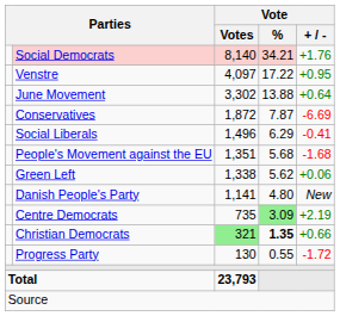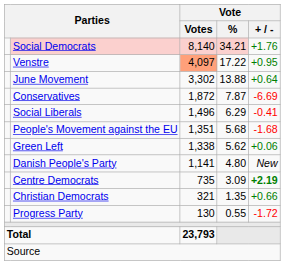 <table class="wikitable" style="text-align:right;">
 <tr>
 <th style="text-align:centre;" rowspan="2" colspan="2" width="225">Parties</th>
 <th colspan="3">Vote</th>
 </tr>
 <tr>
 <th width="15">Votes</th>
 <th width="15">%</th>
 <th width="15">+ / -</th>
 </tr>
 <tr>
 <td width="2" style="color:inherit;background:"></td>
 <td bgcolor=#fbd0ce   align="left"><a href='#'>Social Democrats</a></td>
 <td bgcolor=#fbd0ce>8,140</td>
 <td bgcolor=#fbd0ce>34.21</td>
 <td style=color:green;>+1.76</td>
 </tr>
 <tr>
 <td width="2" style="color:inherit;background:"></td>
 <td align="left"><a href='#'>Venstre</a></td>
-<td>4,097</td>
+<td style="background: lightsalmon;">4,097</td>
 <td>17.22</td>
 <td style=color:green;>+0.95</td>
 </tr>
 <tr>
 <td width="2" style="color:inherit;background:"></td>
 <td align="left"><a href='#'>June Movement</a></td>
 <td>3,302</td>
 <td>13.88</td>
 <td style=color:green;>+0.64</td>
 </tr>
 <tr>
 <td width="2" style="color:inherit;background:"></td>
 <td align="left"><a href='#'>Conservatives</a></td>
 <td>1,872</td>
 <td>7.87</td>
 <td style=color:red;>-6.69</td>
 </tr>
 <tr>
 <td width="2" style="color:inherit;background:"></td>
 <td align="left"><a href='#'>Social Liberals</a></td>
 <td>1,496</td>
 <td>6.29</td>
 <td style=color:red;>-0.41</td>
 </tr>
 <tr>
 <td width="2" style="color:inherit;background:"></td>
 <td align="left"><a href='#'>People's Movement against the EU</a></td>
 <td>1,351</td>
 <td>5.68</td>
 <td style=color:red;>-1.68</td>
 </tr>
 <tr>
 <td width="2" style="color:inherit;background:"></td>
 <td align="left"><a href='#'>Green Left</a></td>
 <td>1,338</td>
 <td>5.62</td>
 <td style=color:green;>+0.06</td>
 </tr>
 <tr>
 <td width="2" style="color:inherit;background:"></td>
 <td align="left"><a href='#'>Danish People's Party</a></td>
 <td>1,141</td>
 <td>4.80</td>
 <td><em>New</em></td>
 </tr>
 <tr>
 <td width="2" style="color:inherit;background:"></td>
 <td align="left"><a href='#'>Centre Democrats</a></td>
 <td>735</td>
-<td style="background: lightgreen;">3.09</td>
-<td style=color:green;>+2.19</td>
+<td>3.09</td>
+<td style=color:green;><strong>+2.19</strong></td>
 </tr>
 <tr>
 <td width="2" style="color:inherit;background:"></td>
 <td align="left"><a href='#'>Christian Democrats</a></td>
-<td style="background: lightgreen;">321</td>
-<td><strong>1.35</strong></td>
+<td>321</td>
+<td>1.35</td>
 <td style=color:green;>+0.66</td>
 </tr>
 <tr>
 <td width="2" style="color:inherit;background:"></td>
 <td align="left"><a href='#'>Progress Party</a></td>
 <td>130</td>
 <td>0.55</td>
 <td style=color:red;>-1.72</td>
 </tr>
 <tr>
 <td colspan="7" bgcolor="#E9E9E9"></td>
 </tr>
 <tr>
 <td align="left" colspan="2"><strong>Total</strong></td>
 <td><strong>23,793</strong></td>
 <td bgcolor="#E9E9E9" colspan="2"></td>
 </tr>
 <tr>
 <td align="left" colspan="6">Source</td>
 </tr>
 </table>
